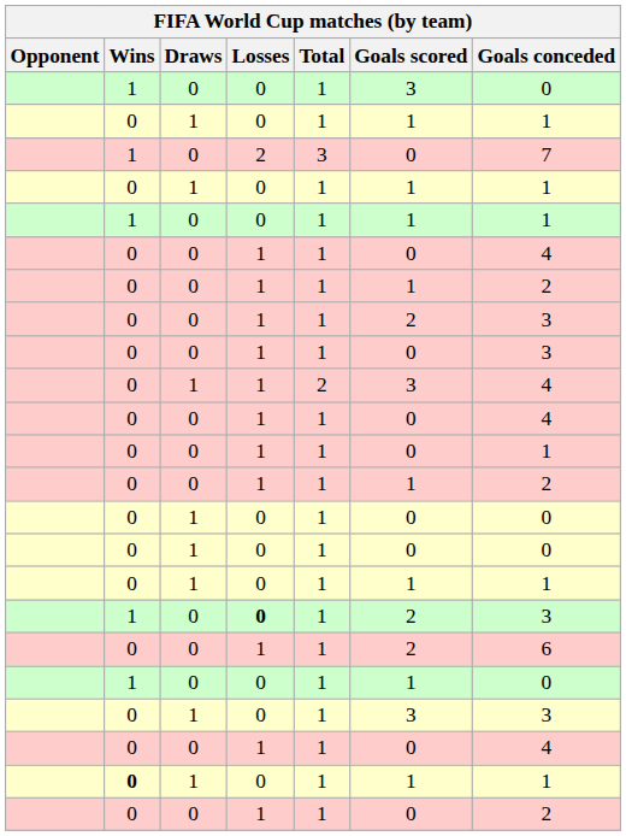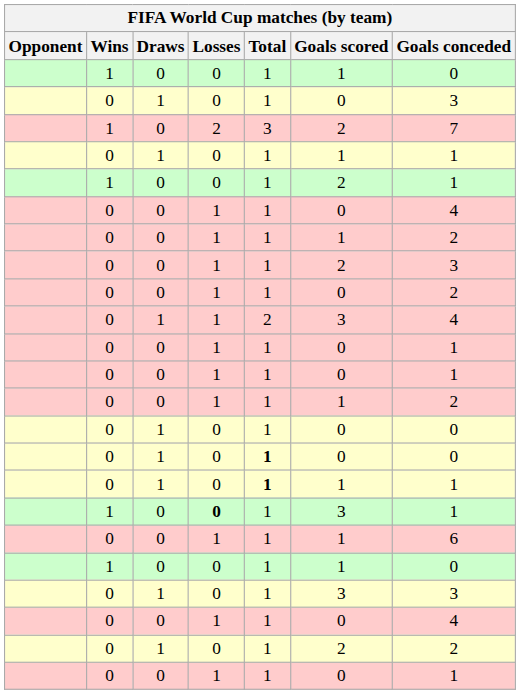 <table class="wikitable sortable" style="text-align: center;">
 <tr>
 <th colspan=7>FIFA World Cup matches (by team)</th>
 </tr>
 <tr>
 <th>Opponent</th>
 <th>Wins</th>
 <th>Draws</th>
 <th>Losses</th>
 <th>Total</th>
 <th>Goals scored</th>
 <th>Goals conceded</th>
 </tr>
 <tr bgcolor=#CCFFCC>
 <td align="left"></td>
 <td>1</td>
 <td>0</td>
 <td>0</td>
 <td>1</td>
-<td>3</td>
+<td>1</td>
 <td>0</td>
 </tr>
 <tr bgcolor=#FFFFCC>
 <td align="left"></td>
 <td>0</td>
 <td>1</td>
 <td>0</td>
 <td>1</td>
-<td>1</td>
-<td>1</td>
+<td>0</td>
+<td>3</td>
 </tr>
 <tr bgcolor=#FFCCCC>
 <td align="left"></td>
 <td>1</td>
 <td>0</td>
 <td>2</td>
 <td>3</td>
-<td>0</td>
+<td>2</td>
 <td>7</td>
 </tr>
 <tr bgcolor=#FFFFCC>
 <td align="left"></td>
 <td>0</td>
 <td>1</td>
 <td>0</td>
 <td>1</td>
 <td>1</td>
 <td>1</td>
 </tr>
 <tr bgcolor=#CCFFCC>
 <td align="left"></td>
 <td>1</td>
 <td>0</td>
 <td>0</td>
 <td>1</td>
-<td>1</td>
+<td>2</td>
 <td>1</td>
 </tr>
 <tr bgcolor=#FFCCCC>
 <td align="left"></td>
 <td>0</td>
 <td>0</td>
 <td>1</td>
 <td>1</td>
 <td>0</td>
 <td>4</td>
 </tr>
 <tr bgcolor=#FFCCCC>
 <td align="left"></td>
 <td>0</td>
 <td>0</td>
 <td>1</td>
 <td>1</td>
 <td>1</td>
 <td>2</td>
 </tr>
 <tr bgcolor=#FFCCCC>
 <td align="left"></td>
 <td>0</td>
 <td>0</td>
 <td>1</td>
 <td>1</td>
 <td>2</td>
 <td>3</td>
 </tr>
 <tr bgcolor=#FFCCCC>
 <td align="left"></td>
 <td>0</td>
 <td>0</td>
 <td>1</td>
 <td>1</td>
 <td>0</td>
-<td>3</td>
+<td>2</td>
 </tr>
 <tr bgcolor=#FFCCCC>
 <td align="left"></td>
 <td>0</td>
 <td>1</td>
 <td>1</td>
 <td>2</td>
 <td>3</td>
 <td>4</td>
 </tr>
 <tr bgcolor=#FFCCCC>
 <td align="left"></td>
 <td>0</td>
 <td>0</td>
 <td>1</td>
 <td>1</td>
 <td>0</td>
-<td>4</td>
+<td>1</td>
 </tr>
 <tr bgcolor=#FFCCCC>
 <td align="left"></td>
 <td>0</td>
 <td>0</td>
 <td>1</td>
 <td>1</td>
 <td>0</td>
 <td>1</td>
 </tr>
 <tr bgcolor=#FFCCCC>
 <td align="left"></td>
 <td>0</td>
 <td>0</td>
 <td>1</td>
 <td>1</td>
 <td>1</td>
 <td>2</td>
 </tr>
 <tr bgcolor=#FFFFCC>
 <td align="left"></td>
 <td>0</td>
 <td>1</td>
 <td>0</td>
 <td>1</td>
 <td>0</td>
 <td>0</td>
 </tr>
 <tr bgcolor=#FFFFCC>
 <td align="left"></td>
 <td>0</td>
 <td>1</td>
 <td>0</td>
-<td>1</td>
+<td><strong>1</strong></td>
 <td>0</td>
 <td>0</td>
 </tr>
 <tr bgcolor=#FFFFCC>
 <td align="left"></td>
 <td>0</td>
 <td>1</td>
 <td>0</td>
-<td>1</td>
+<td><strong>1</strong></td>
 <td>1</td>
 <td>1</td>
 </tr>
 <tr bgcolor=#CCFFCC>
 <td align="left"></td>
 <td>1</td>
 <td>0</td>
 <td><strong>0</strong></td>
 <td>1</td>
-<td>2</td>
 <td>3</td>
+<td>1</td>
 </tr>
 <tr bgcolor=#FFCCCC>
 <td align="left"></td>
 <td>0</td>
 <td>0</td>
 <td>1</td>
 <td>1</td>
-<td>2</td>
+<td>1</td>
 <td>6</td>
 </tr>
 <tr bgcolor=#CCFFCC>
 <td align="left"></td>
 <td>1</td>
 <td>0</td>
 <td>0</td>
 <td>1</td>
 <td>1</td>
 <td>0</td>
 </tr>
 <tr bgcolor=#FFFFCC>
 <td align="left"></td>
 <td>0</td>
 <td>1</td>
 <td>0</td>
 <td>1</td>
 <td>3</td>
 <td>3</td>
 </tr>
 <tr bgcolor=#FFCCCC>
 <td align="left"></td>
 <td>0</td>
 <td>0</td>
 <td>1</td>
 <td>1</td>
 <td>0</td>
 <td>4</td>
 </tr>
 <tr bgcolor=#FFFFCC>
 <td align="left"></td>
-<td><strong>0</strong></td>
+<td>0</td>
 <td>1</td>
 <td>0</td>
 <td>1</td>
-<td>1</td>
-<td>1</td>
+<td>2</td>
+<td>2</td>
 </tr>
 <tr bgcolor=#FFCCCC>
 <td align="left"></td>
 <td>0</td>
 <td>0</td>
 <td>1</td>
 <td>1</td>
 <td>0</td>
-<td>2</td>
+<td>1</td>
 </tr>
 </table>
